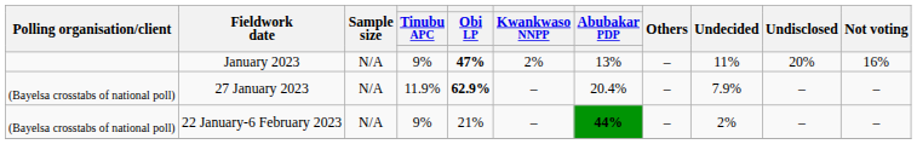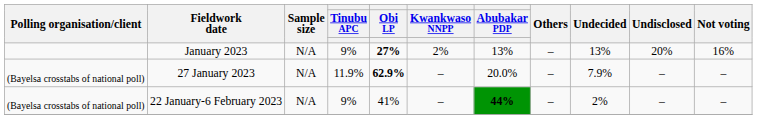 <table class="wikitable" style="text-align:center;font-size:95%;line-height:14px;">
 <tr>
 <th rowspan="3">Polling organisation/client</th>
 <th rowspan="3">Fieldwork<br>date</th>
 <th rowspan="3">Sample<br>size</th>
 <th></th>
 <th></th>
 <th></th>
 <th></th>
 <th rowspan="3">Others</th>
 <th rowspan="3">Undecided</th>
 <th rowspan="3">Undisclosed</th>
 <th rowspan="3">Not voting</th>
 </tr>
 <tr>
 <th><a href='#'>Tinubu</a><br><small><a href='#'>APC</a></small></th>
 <th><a href='#'>Obi</a><br><small><a href='#'>LP</a></small></th>
 <th><a href='#'>Kwankwaso</a><br><small><a href='#'>NNPP</a></small></th>
 <th><a href='#'>Abubakar</a><br><small><a href='#'>PDP</a></small></th>
 </tr>
 <tr>
 <th style="background:"></th>
 <th style="background:"></th>
 <th style="background:"></th>
 <th style="background:"></th>
 </tr>
 <tr>
 <td></td>
 <td>January 2023</td>
 <td>N/A</td>
 <td>9%</td>
-<td><strong>47%</strong></td>
+<td><strong>27%</strong></td>
 <td>2%</td>
 <td>13%</td>
 <td>–</td>
-<td>11%</td>
+<td>13%</td>
 <td>20%</td>
 <td>16%</td>
 </tr>
 <tr>
 <td><br><small>(Bayelsa crosstabs of national poll)</small></td>
 <td>27 January 2023</td>
 <td>N/A</td>
 <td>11.9%</td>
 <td><strong>62.9%</strong></td>
 <td>–</td>
-<td>20.4%</td>
+<td>20.0%</td>
 <td>–</td>
 <td>7.9%</td>
 <td>–</td>
 <td>–</td>
 </tr>
 <tr>
 <td><br><small>(Bayelsa crosstabs of national poll)</small></td>
 <td>22 January-6 February 2023</td>
 <td>N/A</td>
 <td>9%</td>
-<td>21%</td>
+<td>41%</td>
 <td>–</td>
 <td bgcolor=#009404><strong>44%</strong></td>
 <td>–</td>
 <td>2%</td>
 <td>–</td>
 <td>–</td>
 </tr>
 <tr>
 </tr>
 </table>
